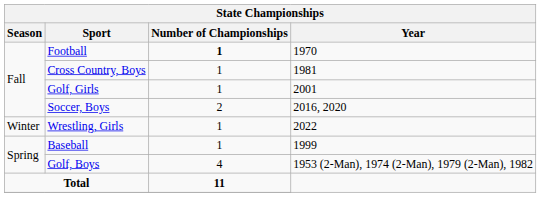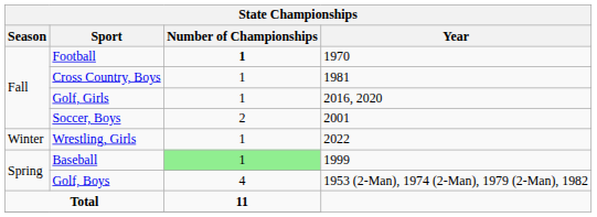 <table class="wikitable">
 <tr>
 <th colspan="4">State Championships</th>
 </tr>
 <tr>
 <th>Season</th>
 <th>Sport</th>
 <th>Number of Championships</th>
 <th>Year</th>
 </tr>
 <tr>
 <td rowspan="4">Fall</td>
 <td><a href='#'>Football</a></td>
 <td align="center"><strong>1</strong></td>
 <td>1970</td>
 </tr>
 <tr>
 <td><a href='#'>Cross Country, Boys</a></td>
 <td align="center">1</td>
 <td>1981</td>
 </tr>
 <tr>
 <td><a href='#'>Golf, Girls</a></td>
 <td align="center">1</td>
-<td>2001</td>
+<td>2016, 2020</td>
 </tr>
 <tr>
 <td><a href='#'>Soccer, Boys</a></td>
 <td align="center">2</td>
-<td>2016, 2020</td>
+<td>2001</td>
 </tr>
 <tr>
 <td rowspan="1">Winter</td>
 <td><a href='#'>Wrestling, Girls</a></td>
 <td align="center">1</td>
 <td>2022</td>
 </tr>
 <tr>
 <td rowspan="2">Spring</td>
 <td><a href='#'>Baseball</a></td>
-<td align="center">1</td>
+<td align="center" style="background: lightgreen;">1</td>
 <td>1999</td>
 </tr>
 <tr>
 <td><a href='#'>Golf, Boys</a></td>
 <td align="center">4</td>
 <td>1953 (2-Man), 1974 (2-Man), 1979 (2-Man), 1982</td>
 </tr>
 <tr>
 <td align="center" colspan="2"><strong>Total</strong></td>
 <td align="center"><strong>11</strong></td>
 </tr>
 <tr>
 </tr>
 </table>
